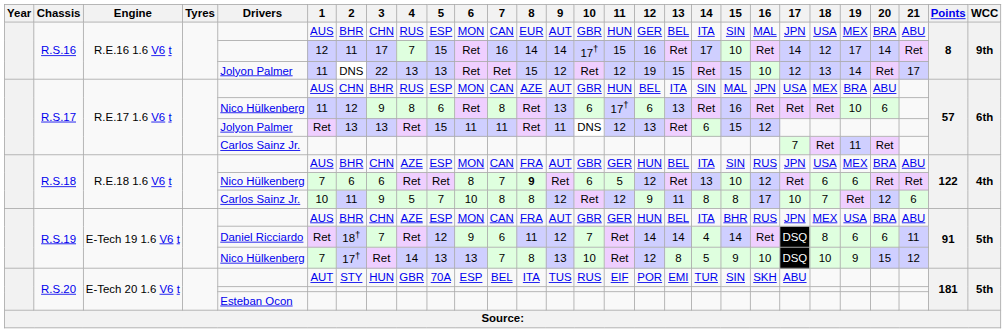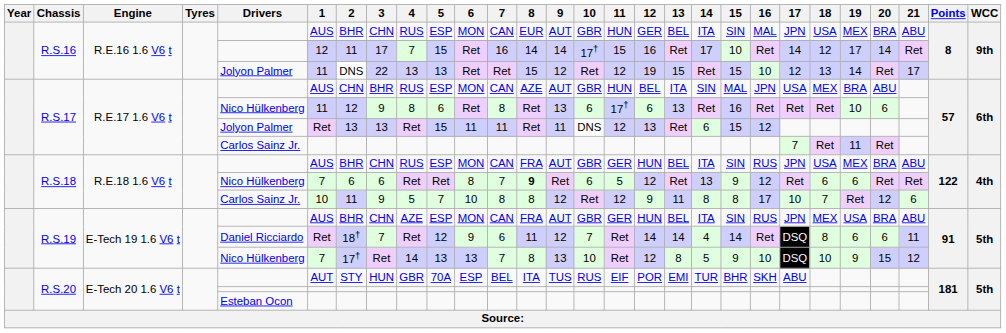 <table class="wikitable" style="text-align:center; font-size:85%">
 <tr>
 <th>Year</th>
 <th>Chassis</th>
 <th>Engine</th>
 <th>Tyres</th>
 <th>Drivers</th>
 <th>1</th>
 <th>2</th>
 <th>3</th>
 <th>4</th>
 <th>5</th>
 <th>6</th>
 <th>7</th>
 <th>8</th>
 <th>9</th>
 <th>10</th>
 <th>11</th>
 <th>12</th>
 <th>13</th>
 <th>14</th>
 <th>15</th>
 <th>16</th>
 <th>17</th>
 <th>18</th>
 <th>19</th>
 <th>20</th>
 <th>21</th>
 <th><a href='#'>Points</a></th>
 <th>WCC</th>
 </tr>
 <tr>
 <th rowspan="3"></th>
 <td rowspan="3"><a href='#'>R.S.16</a></td>
 <td rowspan="3">R.E.16 1.6 <a href='#'>V6</a> <a href='#'>t</a></td>
 <td rowspan="3"></td>
 <td></td>
 <td><a href='#'>AUS</a></td>
 <td><a href='#'>BHR</a></td>
 <td><a href='#'>CHN</a></td>
 <td><a href='#'>RUS</a></td>
 <td><a href='#'>ESP</a></td>
 <td><a href='#'>MON</a></td>
 <td><a href='#'>CAN</a></td>
 <td><a href='#'>EUR</a></td>
 <td><a href='#'>AUT</a></td>
 <td><a href='#'>GBR</a></td>
 <td><a href='#'>HUN</a></td>
 <td><a href='#'>GER</a></td>
 <td><a href='#'>BEL</a></td>
 <td><a href='#'>ITA</a></td>
 <td><a href='#'>SIN</a></td>
 <td><a href='#'>MAL</a></td>
 <td><a href='#'>JPN</a></td>
 <td><a href='#'>USA</a></td>
 <td><a href='#'>MEX</a></td>
 <td><a href='#'>BRA</a></td>
 <td><a href='#'>ABU</a></td>
 <th rowspan="3">8</th>
 <th rowspan="3">9th</th>
 </tr>
 <tr>
 <td align="left"></td>
 <td style="background:#CFCFFF;">12</td>
 <td style="background:#CFCFFF;">11</td>
 <td style="background:#CFCFFF;">17</td>
 <td style="background:#DFFFDF;">7</td>
 <td style="background:#CFCFFF;">15</td>
 <td style="background:#EFCFFF;">Ret</td>
 <td style="background:#CFCFFF;">16</td>
 <td style="background:#CFCFFF;">14</td>
 <td style="background:#CFCFFF;">14</td>
 <td style="background:#CFCFFF;">17<sup>†</sup></td>
 <td style="background:#CFCFFF;">15</td>
 <td style="background:#CFCFFF;">16</td>
 <td style="background:#EFCFFF;">Ret</td>
 <td style="background:#CFCFFF;">17</td>
 <td style="background:#DFFFDF;">10</td>
 <td style="background:#EFCFFF;">Ret</td>
 <td style="background:#CFCFFF;">14</td>
 <td style="background:#CFCFFF;">12</td>
 <td style="background:#CFCFFF;">17</td>
 <td style="background:#CFCFFF;">14</td>
 <td style="background:#EFCFFF;">Ret</td>
 </tr>
 <tr>
 <td align="left"> <a href='#'>Jolyon Palmer</a></td>
 <td style="background:#CFCFFF;">11</td>
 <td style="background:#ffffff;">DNS</td>
 <td style="background:#CFCFFF;">22</td>
 <td style="background:#CFCFFF;">13</td>
 <td style="background:#CFCFFF;">13</td>
 <td style="background:#EFCFFF;">Ret</td>
 <td style="background:#EFCFFF;">Ret</td>
 <td style="background:#CFCFFF;">15</td>
 <td style="background:#CFCFFF;">12</td>
 <td style="background:#EFCFFF;">Ret</td>
 <td style="background:#CFCFFF;">12</td>
 <td style="background:#CFCFFF;">19</td>
 <td style="background:#CFCFFF;">15</td>
 <td style="background:#EFCFFF;">Ret</td>
 <td style="background:#CFCFFF;">15</td>
 <td style="background:#DFFFDF;">10</td>
 <td style="background:#CFCFFF;">12</td>
 <td style="background:#CFCFFF;">13</td>
 <td style="background:#CFCFFF;">14</td>
 <td style="background:#EFCFFF;">Ret</td>
 <td style="background:#CFCFFF;">17</td>
 </tr>
 <tr>
 <th rowspan="4"></th>
 <td rowspan="4"><a href='#'>R.S.17</a></td>
 <td rowspan="4">R.E.17 1.6 <a href='#'>V6</a> <a href='#'>t</a></td>
 <td rowspan="4"></td>
 <td></td>
 <td><a href='#'>AUS</a></td>
 <td><a href='#'>CHN</a></td>
 <td><a href='#'>BHR</a></td>
 <td><a href='#'>RUS</a></td>
 <td><a href='#'>ESP</a></td>
 <td><a href='#'>MON</a></td>
 <td><a href='#'>CAN</a></td>
 <td><a href='#'>AZE</a></td>
 <td><a href='#'>AUT</a></td>
 <td><a href='#'>GBR</a></td>
 <td><a href='#'>HUN</a></td>
 <td><a href='#'>BEL</a></td>
 <td><a href='#'>ITA</a></td>
 <td><a href='#'>SIN</a></td>
 <td><a href='#'>MAL</a></td>
 <td><a href='#'>JPN</a></td>
 <td><a href='#'>USA</a></td>
 <td><a href='#'>MEX</a></td>
 <td><a href='#'>BRA</a></td>
 <td><a href='#'>ABU</a></td>
 <td></td>
 <th rowspan="4">57</th>
 <th rowspan="4">6th</th>
 </tr>
 <tr>
 <td align="left"> <a href='#'>Nico Hülkenberg</a></td>
 <td style="background:#CFCFFF">11</td>
 <td style="background:#CFCFFF">12</td>
 <td style="background:#DFFFDF">9</td>
 <td style="background:#DFFFDF">8</td>
 <td style="background:#DFFFDF">6</td>
 <td style="background:#EFCFFF">Ret</td>
 <td style="background:#DFFFDF">8</td>
 <td style="background:#EFCFFF">Ret</td>
 <td style="background:#CFCFFF">13</td>
 <td style="background:#DFFFDF">6</td>
 <td style="background:#CFCFFF">17<sup>†</sup></td>
 <td style="background:#DFFFDF">6</td>
 <td style="background:#CFCFFF">13</td>
 <td style="background:#EFCFFF">Ret</td>
 <td style="background:#CFCFFF">16</td>
 <td style="background:#EFCFFF">Ret</td>
 <td style="background:#EFCFFF">Ret</td>
 <td style="background:#EFCFFF">Ret</td>
 <td style="background:#DFFFDF">10</td>
 <td style="background:#DFFFDF">6</td>
 <td></td>
 </tr>
 <tr>
 <td align="left"> <a href='#'>Jolyon Palmer</a></td>
 <td style="background:#EFCFFF">Ret</td>
 <td style="background:#CFCFFF">13</td>
 <td style="background:#CFCFFF">13</td>
 <td style="background:#EFCFFF">Ret</td>
 <td style="background:#CFCFFF">15</td>
 <td style="background:#CFCFFF">11</td>
 <td style="background:#CFCFFF">11</td>
 <td style="background:#EFCFFF">Ret</td>
 <td style="background:#CFCFFF">11</td>
 <td style="background:#FFFFFF">DNS</td>
 <td style="background:#CFCFFF">12</td>
 <td style="background:#CFCFFF">13</td>
 <td style="background:#EFCFFF">Ret</td>
 <td style="background:#DFFFDF">6</td>
 <td style="background:#CFCFFF">15</td>
 <td style="background:#CFCFFF">12</td>
 <td></td>
 <td></td>
 <td></td>
 <td></td>
 <td></td>
 </tr>
 <tr>
 <td align="left"> <a href='#'>Carlos Sainz Jr.</a></td>
 <td></td>
 <td></td>
 <td></td>
 <td></td>
 <td></td>
 <td></td>
 <td></td>
 <td></td>
 <td></td>
 <td></td>
 <td></td>
 <td></td>
 <td></td>
 <td></td>
 <td></td>
 <td></td>
 <td style="background:#DFFFDF">7</td>
 <td style="background:#EFCFFF">Ret</td>
 <td style="background:#CFCFFF">11</td>
 <td style="background:#EFCFFF">Ret</td>
 <td></td>
 </tr>
 <tr>
 <th rowspan="3"></th>
 <td rowspan="3"><a href='#'>R.S.18</a></td>
 <td rowspan="3">R.E.18 1.6 <a href='#'>V6</a> <a href='#'>t</a></td>
 <td rowspan="3"></td>
 <td></td>
 <td><a href='#'>AUS</a></td>
 <td><a href='#'>BHR</a></td>
 <td><a href='#'>CHN</a></td>
-<td><a href='#'>AZE</a></td>
+<td><a href='#'>RUS</a></td>
 <td><a href='#'>ESP</a></td>
 <td><a href='#'>MON</a></td>
 <td><a href='#'>CAN</a></td>
 <td><a href='#'>FRA</a></td>
 <td><a href='#'>AUT</a></td>
 <td><a href='#'>GBR</a></td>
 <td><a href='#'>GER</a></td>
 <td><a href='#'>HUN</a></td>
 <td><a href='#'>BEL</a></td>
 <td><a href='#'>ITA</a></td>
 <td><a href='#'>SIN</a></td>
 <td><a href='#'>RUS</a></td>
 <td><a href='#'>JPN</a></td>
 <td><a href='#'>USA</a></td>
 <td><a href='#'>MEX</a></td>
 <td><a href='#'>BRA</a></td>
 <td><a href='#'>ABU</a></td>
 <th rowspan="3">122</th>
 <th rowspan="3">4th</th>
 </tr>
 <tr>
 <td align="left"> <a href='#'>Nico Hülkenberg</a></td>
 <td style="background:#DFFFDF">7</td>
 <td style="background:#DFFFDF">6</td>
 <td style="background:#DFFFDF">6</td>
 <td style="background:#EFCFFF">Ret</td>
 <td style="background:#EFCFFF">Ret</td>
 <td style="background:#DFFFDF">8</td>
 <td style="background:#DFFFDF">7</td>
 <td style="background:#DFFFDF"><strong>9</strong></td>
 <td style="background:#EFCFFF">Ret</td>
 <td style="background:#DFFFDF">6</td>
 <td style="background:#DFFFDF">5</td>
 <td style="background:#CFCFFF">12</td>
 <td style="background:#EFCFFF">Ret</td>
 <td style="background:#CFCFFF">13</td>
-<td style="background:#DFFFDF">10</td>
+<td style="background:#DFFFDF">9</td>
 <td style="background:#CFCFFF">12</td>
 <td style="background:#EFCFFF">Ret</td>
 <td style="background:#DFFFDF">6</td>
 <td style="background:#DFFFDF">6</td>
 <td style="background:#EFCFFF">Ret</td>
 <td style="background:#EFCFFF">Ret</td>
 </tr>
 <tr>
 <td align="left"> <a href='#'>Carlos Sainz Jr.</a></td>
 <td style="background:#DFFFDF">10</td>
 <td style="background:#CFCFFF">11</td>
 <td style="background:#DFFFDF">9</td>
 <td style="background:#DFFFDF">5</td>
 <td style="background:#DFFFDF">7</td>
 <td style="background:#DFFFDF">10</td>
 <td style="background:#DFFFDF">8</td>
 <td style="background:#DFFFDF">8</td>
 <td style="background:#CFCFFF">12</td>
 <td style="background:#EFCFFF">Ret</td>
 <td style="background:#CFCFFF">12</td>
 <td style="background:#DFFFDF">9</td>
 <td style="background:#CFCFFF">11</td>
 <td style="background:#DFFFDF">8</td>
 <td style="background:#DFFFDF">8</td>
 <td style="background:#CFCFFF">17</td>
 <td style="background:#DFFFDF">10</td>
 <td style="background:#DFFFDF">7</td>
 <td style="background:#EFCFFF">Ret</td>
 <td style="background:#CFCFFF">12</td>
 <td style="background:#DFFFDF">6</td>
 </tr>
 <tr>
 <th rowspan="3"></th>
 <td rowspan="3"><a href='#'>R.S.19</a></td>
 <td rowspan="3">E-Tech 19 1.6 <a href='#'>V6</a> <a href='#'>t</a></td>
 <td rowspan="3"></td>
 <td></td>
 <td><a href='#'>AUS</a></td>
 <td><a href='#'>BHR</a></td>
 <td><a href='#'>CHN</a></td>
 <td><a href='#'>AZE</a></td>
 <td><a href='#'>ESP</a></td>
 <td><a href='#'>MON</a></td>
 <td><a href='#'>CAN</a></td>
 <td><a href='#'>FRA</a></td>
 <td><a href='#'>AUT</a></td>
 <td><a href='#'>GBR</a></td>
 <td><a href='#'>GER</a></td>
 <td><a href='#'>HUN</a></td>
 <td><a href='#'>BEL</a></td>
 <td><a href='#'>ITA</a></td>
-<td><a href='#'>BHR</a></td>
+<td><a href='#'>SIN</a></td>
 <td><a href='#'>RUS</a></td>
 <td><a href='#'>JPN</a></td>
 <td><a href='#'>MEX</a></td>
 <td><a href='#'>USA</a></td>
 <td><a href='#'>BRA</a></td>
 <td><a href='#'>ABU</a></td>
 <th rowspan="3">91</th>
 <th rowspan="3">5th</th>
 </tr>
 <tr>
 <td align="left"> <a href='#'>Daniel Ricciardo</a></td>
 <td style="background:#EFCFFF">Ret</td>
 <td style="background:#CFCFFF">18<sup>†</sup></td>
 <td style="background:#DFFFDF">7</td>
 <td style="background:#EFCFFF">Ret</td>
 <td style="background:#CFCFFF">12</td>
 <td style="background:#DFFFDF">9</td>
 <td style="background:#DFFFDF">6</td>
 <td style="background:#CFCFFF">11</td>
 <td style="background:#CFCFFF">12</td>
 <td style="background:#DFFFDF">7</td>
 <td style="background:#EFCFFF">Ret</td>
 <td style="background:#CFCFFF">14</td>
 <td style="background:#CFCFFF">14</td>
 <td style="background:#DFFFDF">4</td>
 <td style="background:#CFCFFF">14</td>
 <td style="background:#EFCFFF">Ret</td>
 <td style="background-color:#000000; color:white">DSQ</td>
 <td style="background:#DFFFDF">8</td>
 <td style="background:#DFFFDF">6</td>
 <td style="background:#DFFFDF">6</td>
 <td style="background:#CFCFFF">11</td>
 </tr>
 <tr>
 <td align="left"> <a href='#'>Nico Hülkenberg</a></td>
 <td style="background:#DFFFDF">7</td>
 <td style="background:#CFCFFF">17<sup>†</sup></td>
 <td style="background:#EFCFFF">Ret</td>
 <td style="background:#CFCFFF">14</td>
 <td style="background:#CFCFFF">13</td>
 <td style="background:#CFCFFF">13</td>
 <td style="background:#DFFFDF">7</td>
 <td style="background:#DFFFDF">8</td>
 <td style="background:#CFCFFF">13</td>
 <td style="background:#DFFFDF">10</td>
 <td style="background:#EFCFFF">Ret</td>
 <td style="background:#CFCFFF">12</td>
 <td style="background:#DFFFDF">8</td>
 <td style="background:#DFFFDF">5</td>
 <td style="background:#DFFFDF">9</td>
 <td style="background:#DFFFDF">10</td>
 <td style="background-color:#000000; color:white">DSQ</td>
 <td style="background:#DFFFDF">10</td>
 <td style="background:#DFFFDF">9</td>
 <td style="background:#CFCFFF">15</td>
 <td style="background:#CFCFFF">12</td>
 </tr>
 <tr>
 <th rowspan="3"></th>
 <td rowspan="3"><a href='#'>R.S.20</a></td>
 <td rowspan="3">E-Tech 20 1.6 <a href='#'>V6</a> <a href='#'>t</a></td>
 <td rowspan="3"></td>
 <td></td>
 <td><a href='#'>AUT</a></td>
 <td><a href='#'>STY</a></td>
 <td><a href='#'>HUN</a></td>
 <td><a href='#'>GBR</a></td>
 <td><a href='#'>70A</a></td>
 <td><a href='#'>ESP</a></td>
 <td><a href='#'>BEL</a></td>
 <td><a href='#'>ITA</a></td>
 <td><a href='#'>TUS</a></td>
 <td><a href='#'>RUS</a></td>
 <td><a href='#'>EIF</a></td>
 <td><a href='#'>POR</a></td>
 <td><a href='#'>EMI</a></td>
 <td><a href='#'>TUR</a></td>
-<td><a href='#'>SIN</a></td>
+<td><a href='#'>BHR</a></td>
 <td><a href='#'>SKH</a></td>
 <td><a href='#'>ABU</a></td>
 <td></td>
 <td></td>
 <td></td>
 <td></td>
 <th rowspan="3">181</th>
 <th rowspan="3">5th</th>
 </tr>
 <tr>
 <td align="left"></td>
 <td></td>
 <td></td>
 <td></td>
 <td></td>
 <td></td>
 <td></td>
 <td></td>
 <td></td>
 <td></td>
 <td></td>
 <td></td>
 <td></td>
 <td></td>
 <td></td>
 <td></td>
 <td></td>
 <td></td>
 <td></td>
 <td></td>
 <td></td>
 <td></td>
 </tr>
 <tr>
 <td align="left"> <a href='#'>Esteban Ocon</a></td>
 <td></td>
 <td></td>
 <td></td>
 <td></td>
 <td></td>
 <td></td>
 <td></td>
 <td></td>
 <td></td>
 <td></td>
 <td></td>
 <td></td>
 <td></td>
 <td></td>
 <td></td>
 <td></td>
 <td></td>
 <td></td>
 <td></td>
 <td></td>
 <td></td>
 </tr>
 <tr>
 <th colspan="28">Source:</th>
 </tr>
 </table>
